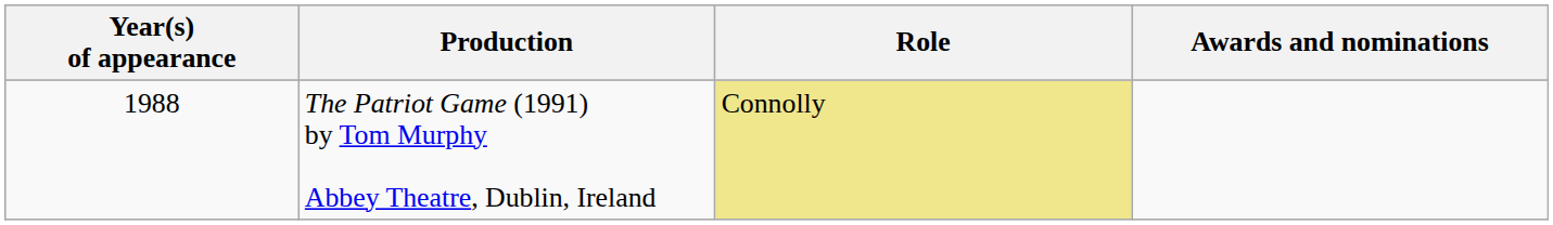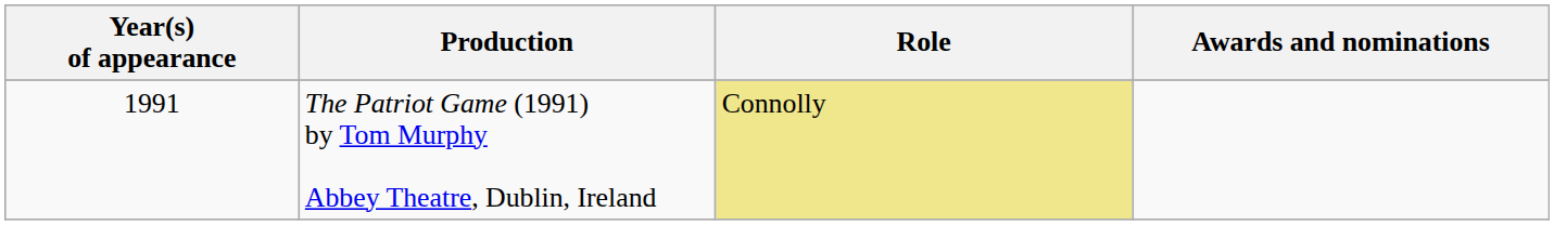 <table class=wikitable width=100%>
 <tr>
 <th width=19%>Year(s)<br>of appearance</th>
 <th width=27%>Production</th>
 <th width=27%>Role</th>
 <th>Awards and nominations</th>
 </tr>
 <tr valign=top>
-<td align=center>1988</td>
+<td align=center>1991</td>
 <td><em>The Patriot Game</em> (1991)<br>by <a href='#'>Tom Murphy</a><br><br><a href='#'>Abbey Theatre</a>, Dublin, Ireland</td>
 <td style="background: khaki;">Connolly</td>
 <td></td>
 </tr>
 </table>
